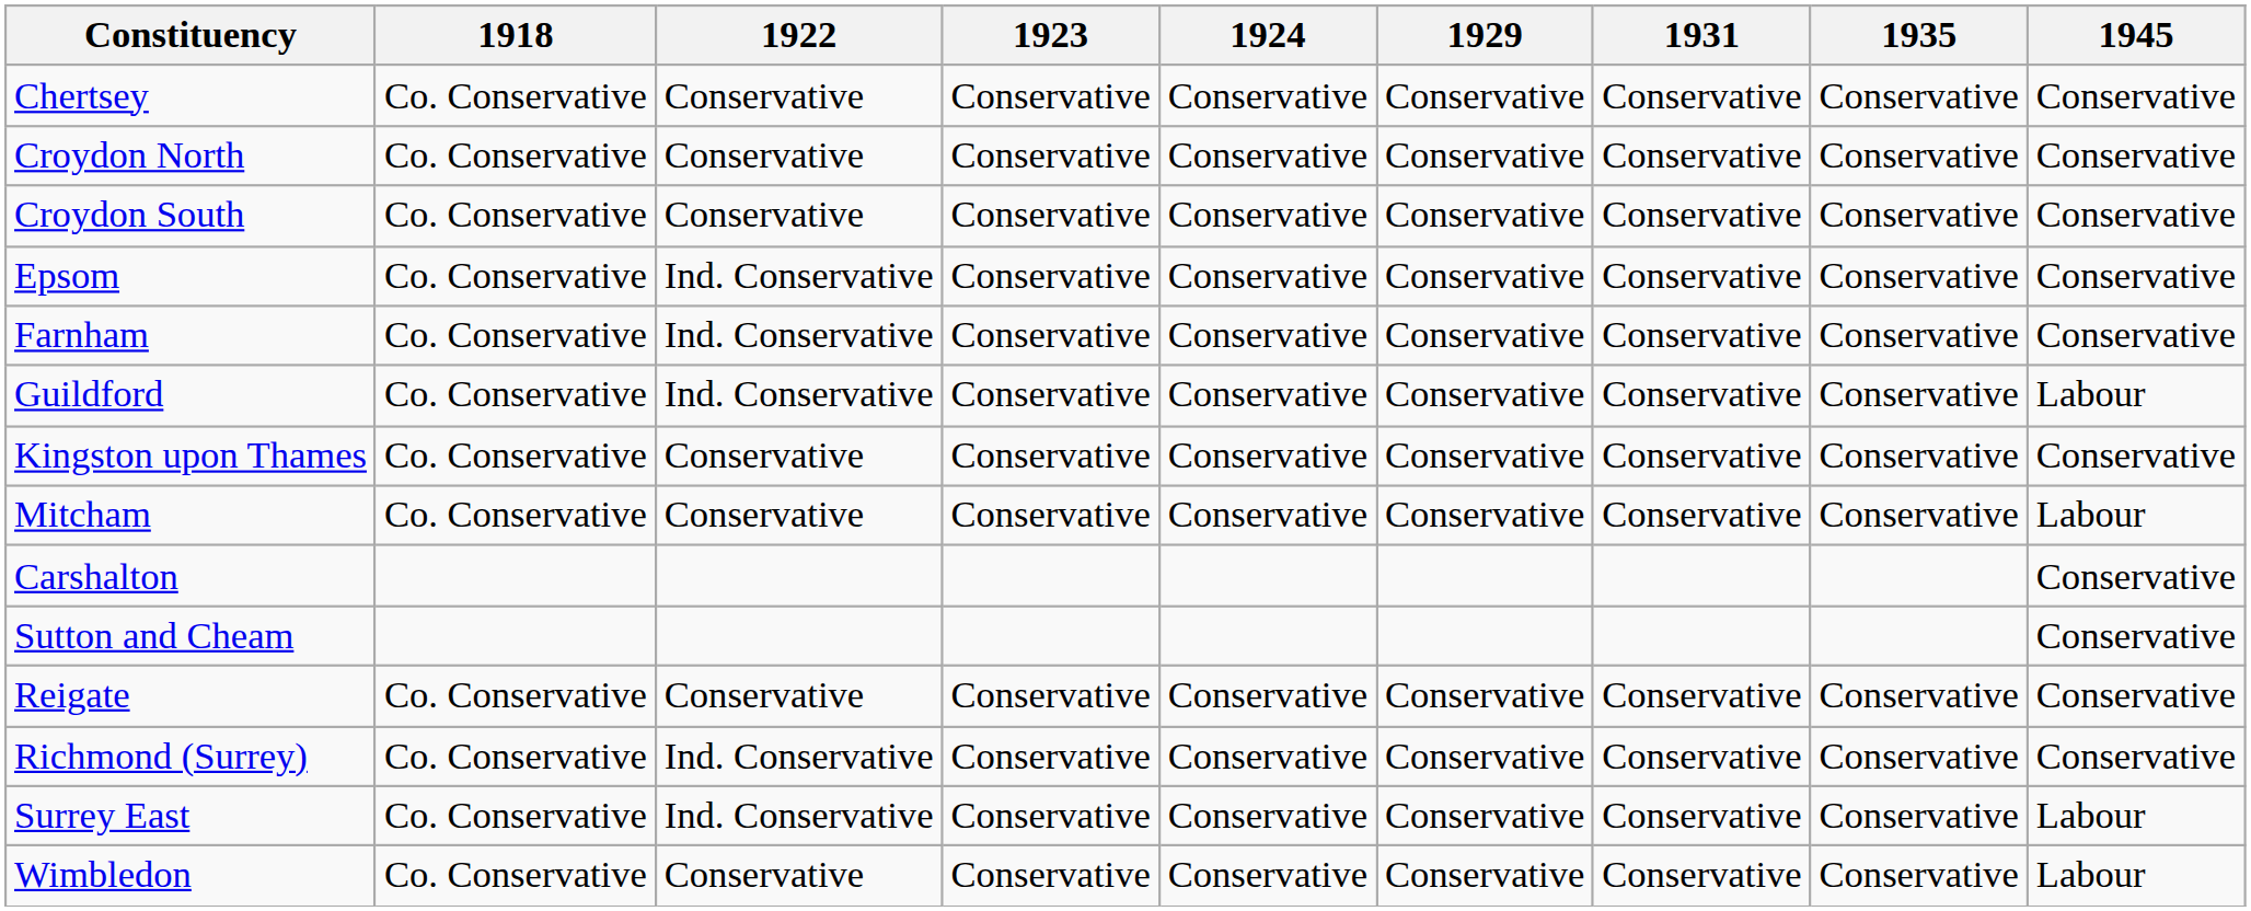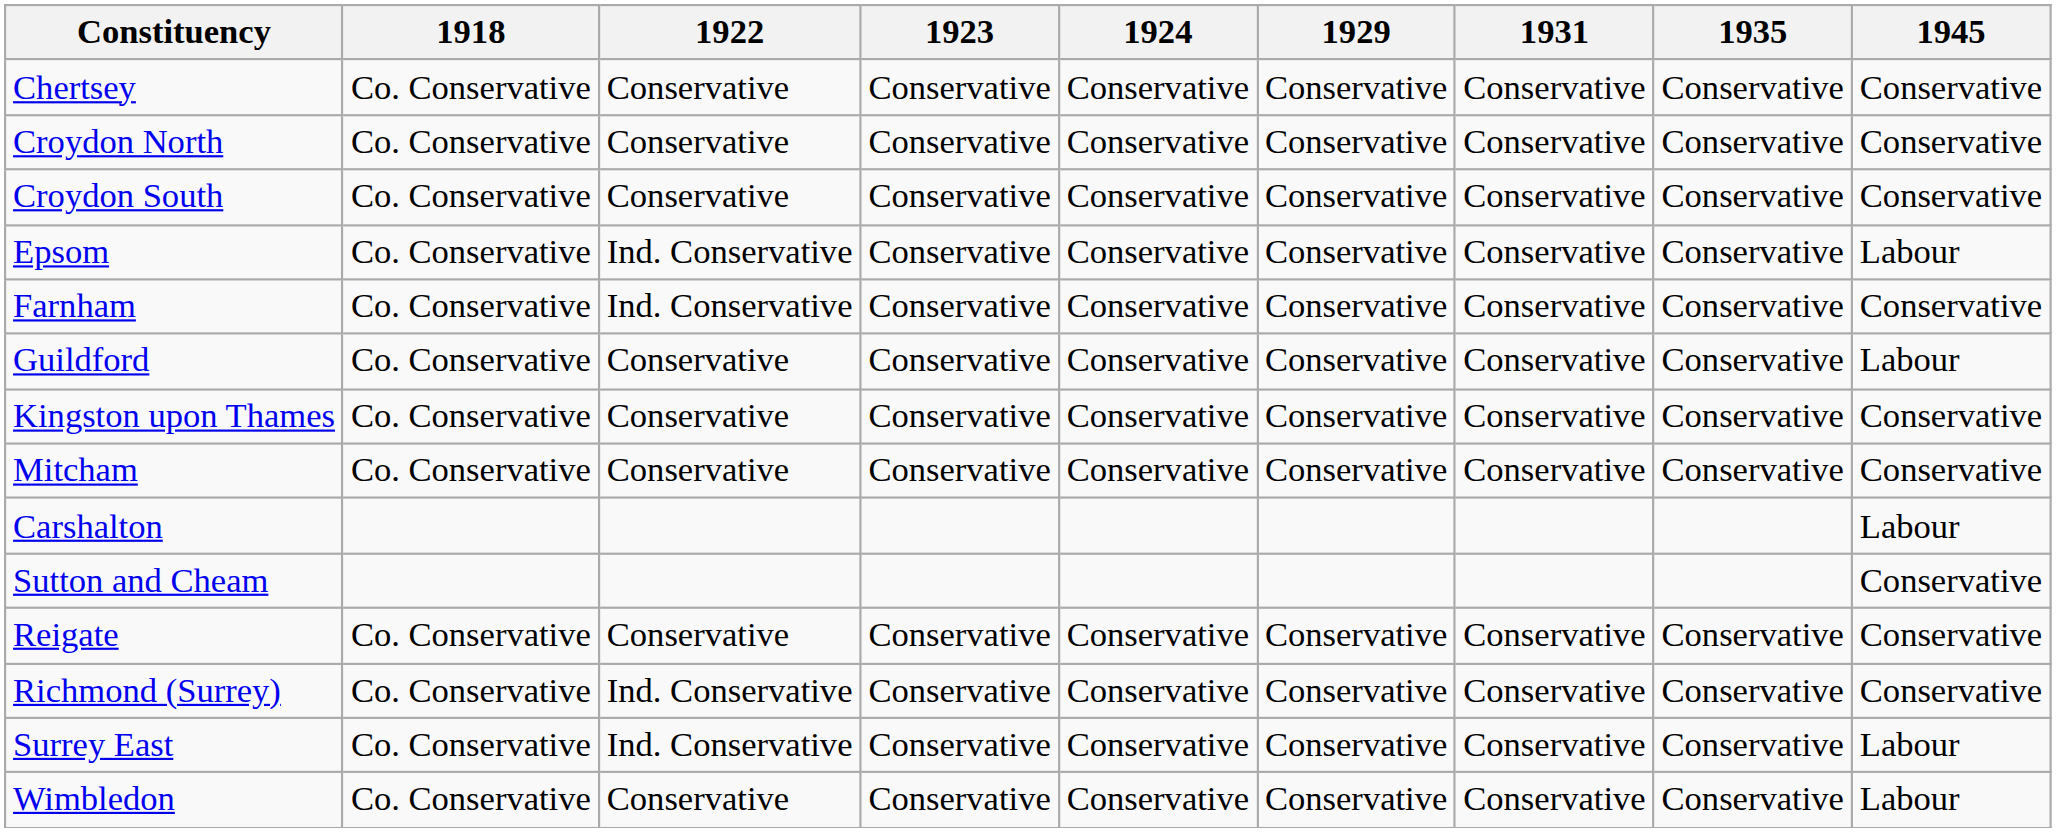 <table class="wikitable sortable">
 <tr>
 <th>Constituency</th>
 <th>1918</th>
 <th>1922</th>
 <th>1923</th>
 <th>1924</th>
 <th>1929</th>
 <th>1931</th>
 <th>1935</th>
 <th>1945</th>
 </tr>
 <tr>
 <td><a href='#'>Chertsey</a></td>
 <td bgcolor=>Co. Conservative</td>
 <td bgcolor=>Conservative</td>
 <td bgcolor=>Conservative</td>
 <td bgcolor=>Conservative</td>
 <td bgcolor=>Conservative</td>
 <td bgcolor=>Conservative</td>
 <td bgcolor=>Conservative</td>
 <td bgcolor=>Conservative</td>
 </tr>
 <tr>
 <td><a href='#'>Croydon North</a></td>
 <td bgcolor=>Co. Conservative</td>
 <td bgcolor=>Conservative</td>
 <td bgcolor=>Conservative</td>
 <td bgcolor=>Conservative</td>
 <td bgcolor=>Conservative</td>
 <td bgcolor=>Conservative</td>
 <td bgcolor=>Conservative</td>
 <td bgcolor=>Conservative</td>
 </tr>
 <tr>
 <td><a href='#'>Croydon South</a></td>
 <td bgcolor=>Co. Conservative</td>
 <td bgcolor=>Conservative</td>
 <td bgcolor=>Conservative</td>
 <td bgcolor=>Conservative</td>
 <td bgcolor=>Conservative</td>
 <td bgcolor=>Conservative</td>
 <td bgcolor=>Conservative</td>
 <td bgcolor=>Conservative</td>
 </tr>
 <tr>
 <td><a href='#'>Epsom</a></td>
 <td bgcolor=>Co. Conservative</td>
 <td>Ind. Conservative</td>
 <td bgcolor=>Conservative</td>
 <td bgcolor=>Conservative</td>
 <td bgcolor=>Conservative</td>
 <td bgcolor=>Conservative</td>
 <td bgcolor=>Conservative</td>
-<td bgcolor=>Conservative</td>
+<td bgcolor=>Labour</td>
 </tr>
 <tr>
 <td><a href='#'>Farnham</a></td>
 <td bgcolor=>Co. Conservative</td>
 <td>Ind. Conservative</td>
 <td bgcolor=>Conservative</td>
 <td bgcolor=>Conservative</td>
 <td bgcolor=>Conservative</td>
 <td bgcolor=>Conservative</td>
 <td bgcolor=>Conservative</td>
 <td bgcolor=>Conservative</td>
 </tr>
 <tr>
 <td><a href='#'>Guildford</a></td>
 <td bgcolor=>Co. Conservative</td>
-<td>Ind. Conservative</td>
+<td bgcolor=>Conservative</td>
 <td bgcolor=>Conservative</td>
 <td bgcolor=>Conservative</td>
 <td bgcolor=>Conservative</td>
 <td bgcolor=>Conservative</td>
 <td bgcolor=>Conservative</td>
 <td bgcolor=>Labour</td>
 </tr>
 <tr>
 <td><a href='#'>Kingston upon Thames</a></td>
 <td bgcolor=>Co. Conservative</td>
 <td bgcolor=>Conservative</td>
 <td bgcolor=>Conservative</td>
 <td bgcolor=>Conservative</td>
 <td bgcolor=>Conservative</td>
 <td bgcolor=>Conservative</td>
 <td bgcolor=>Conservative</td>
 <td bgcolor=>Conservative</td>
 </tr>
 <tr>
 <td><a href='#'>Mitcham</a></td>
 <td bgcolor=>Co. Conservative</td>
 <td bgcolor=>Conservative</td>
 <td bgcolor=>Conservative</td>
 <td bgcolor=>Conservative</td>
 <td bgcolor=>Conservative</td>
 <td bgcolor=>Conservative</td>
 <td bgcolor=>Conservative</td>
-<td bgcolor=>Labour</td>
+<td bgcolor=>Conservative</td>
 </tr>
 <tr>
 <td><a href='#'>Carshalton</a></td>
 <td></td>
 <td></td>
 <td></td>
 <td></td>
 <td></td>
 <td></td>
 <td></td>
-<td bgcolor=>Conservative</td>
+<td bgcolor=>Labour</td>
 </tr>
 <tr>
 <td><a href='#'>Sutton and Cheam</a></td>
 <td></td>
 <td></td>
 <td></td>
 <td></td>
 <td></td>
 <td></td>
 <td></td>
 <td bgcolor=>Conservative</td>
 </tr>
 <tr>
 <td><a href='#'>Reigate</a></td>
 <td>Co. Conservative</td>
 <td>Conservative</td>
 <td>Conservative</td>
 <td>Conservative</td>
 <td>Conservative</td>
 <td>Conservative</td>
 <td>Conservative</td>
 <td bgcolor=>Conservative</td>
 </tr>
 <tr>
 <td><a href='#'>Richmond (Surrey)</a></td>
 <td>Co. Conservative</td>
 <td>Ind. Conservative</td>
 <td>Conservative</td>
 <td>Conservative</td>
 <td>Conservative</td>
 <td>Conservative</td>
 <td>Conservative</td>
 <td bgcolor=>Conservative</td>
 </tr>
 <tr>
 <td><a href='#'>Surrey East</a></td>
 <td>Co. Conservative</td>
 <td>Ind. Conservative</td>
 <td>Conservative</td>
 <td>Conservative</td>
 <td>Conservative</td>
 <td>Conservative</td>
 <td>Conservative</td>
 <td bgcolor=>Labour</td>
 </tr>
 <tr>
 <td><a href='#'>Wimbledon</a></td>
 <td>Co. Conservative</td>
 <td>Conservative</td>
 <td>Conservative</td>
 <td>Conservative</td>
 <td>Conservative</td>
 <td>Conservative</td>
 <td>Conservative</td>
 <td bgcolor=>Labour</td>
 </tr>
 </table>
